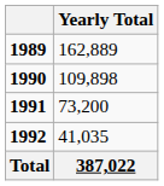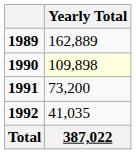 <table class="wikitable">
 <tr>
 <th></th>
 <th>Yearly Total</th>
 </tr>
 <tr>
 <td><strong>1989</strong></td>
 <td>162,889</td>
 </tr>
 <tr>
 <td><strong>1990</strong></td>
-<td>109,898</td>
+<td style="background: lightyellow;">109,898</td>
 </tr>
 <tr>
 <td><strong>1991</strong></td>
 <td>73,200</td>
 </tr>
 <tr>
 <td><strong>1992</strong></td>
 <td>41,035</td>
 </tr>
 <tr>
 <th>Total</th>
 <th><u>387,022</u></th>
 </tr>
 </table>
